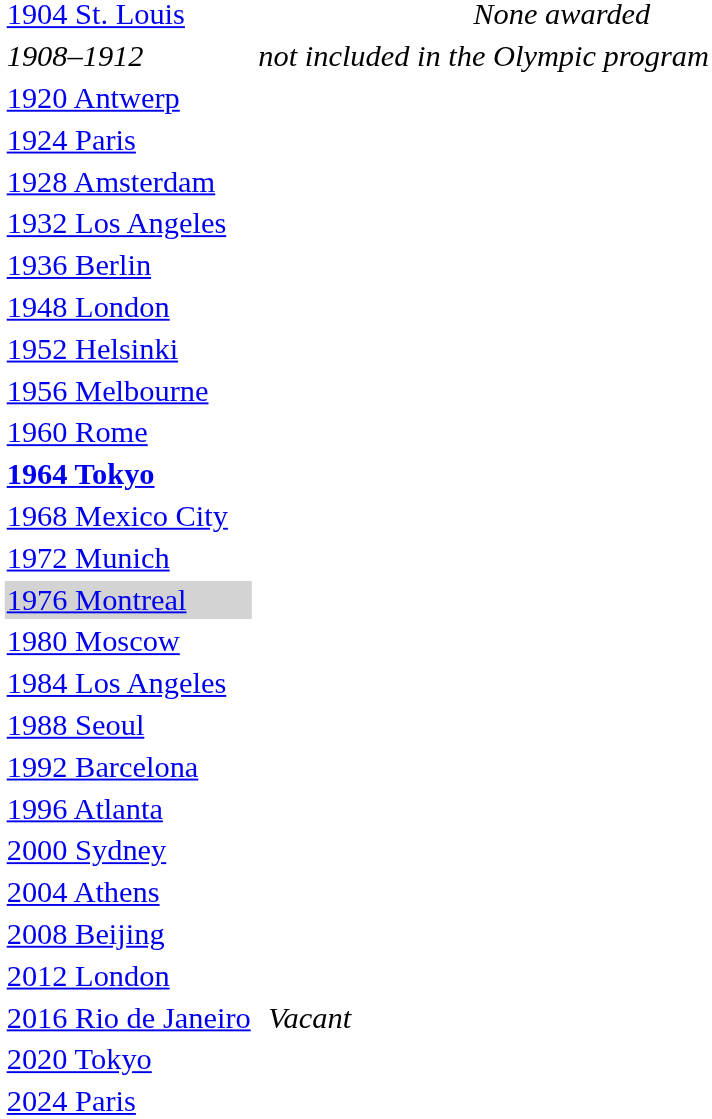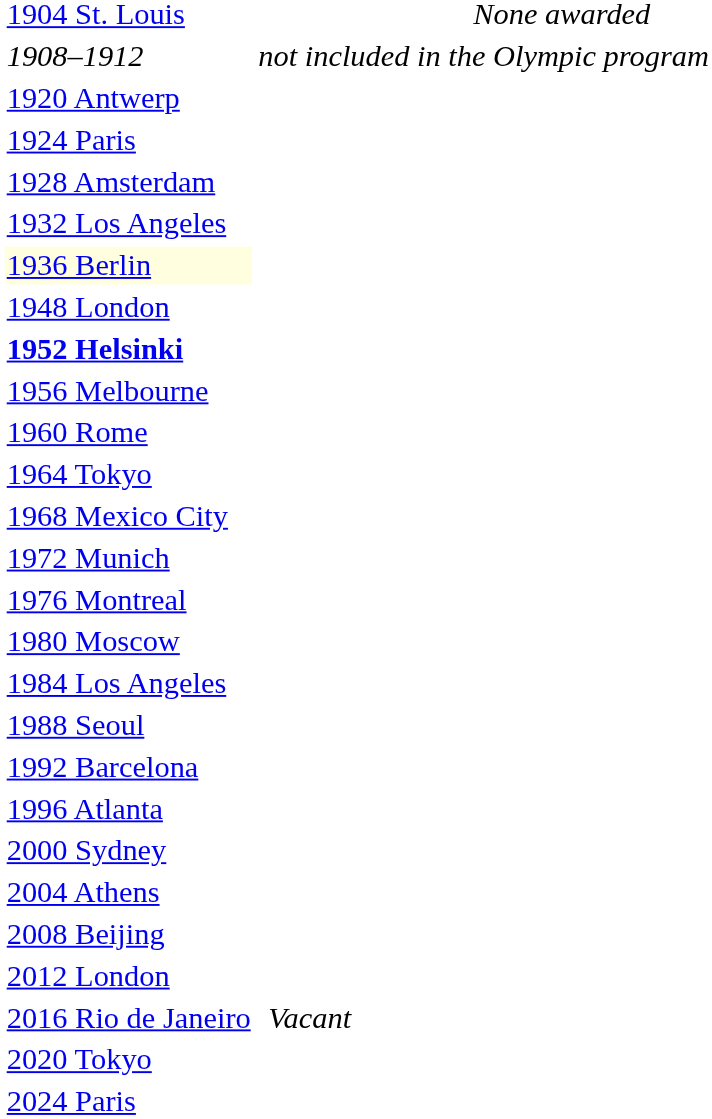 <table>
 <tr valign="top">
 <td><a href='#'>1904 St. Louis</a><br></td>
 <td></td>
 <td></td>
 <td style="text-align:center;"><em>None awarded</em></td>
 </tr>
 <tr>
 <td><em>1908–1912</em></td>
 <td colspan="3" style="text-align:center;"><em>not included in the Olympic program</em></td>
 </tr>
 <tr valign="top">
 <td><a href='#'>1920 Antwerp</a><br></td>
 <td></td>
 <td></td>
 <td></td>
 </tr>
 <tr valign="top">
 <td><a href='#'>1924 Paris</a><br></td>
 <td></td>
 <td></td>
 <td></td>
 </tr>
 <tr valign="top">
 <td><a href='#'>1928 Amsterdam</a><br></td>
 <td></td>
 <td></td>
 <td></td>
 </tr>
 <tr valign="top">
 <td><a href='#'>1932 Los Angeles</a><br></td>
 <td></td>
 <td></td>
 <td></td>
 </tr>
 <tr valign="top">
-<td><a href='#'>1936 Berlin</a><br></td>
+<td style="background: lightyellow;"><a href='#'>1936 Berlin</a><br></td>
 <td></td>
 <td></td>
 <td></td>
 </tr>
 <tr valign="top">
 <td><a href='#'>1948 London</a><br></td>
 <td></td>
 <td></td>
 <td></td>
 </tr>
 <tr valign="top">
-<td><a href='#'>1952 Helsinki</a><br></td>
+<td><strong><a href='#'>1952 Helsinki</a><br></strong></td>
 <td></td>
 <td></td>
 <td><br> </td>
 </tr>
 <tr valign="top">
 <td><a href='#'>1956 Melbourne</a><br></td>
 <td></td>
 <td></td>
 <td><br> </td>
 </tr>
 <tr valign="top">
 <td><a href='#'>1960 Rome</a><br></td>
 <td></td>
 <td></td>
 <td><br></td>
 </tr>
 <tr valign="top">
-<td><strong><a href='#'>1964 Tokyo</a><br></strong></td>
+<td><a href='#'>1964 Tokyo</a><br></td>
 <td></td>
 <td></td>
 <td><br> </td>
 </tr>
 <tr valign="top">
 <td><a href='#'>1968 Mexico City</a><br></td>
 <td></td>
 <td></td>
 <td><br></td>
 </tr>
 <tr valign="top">
 <td><a href='#'>1972 Munich</a><br></td>
 <td></td>
 <td></td>
 <td><br></td>
 </tr>
 <tr valign="top">
-<td style="background: lightgrey;"><a href='#'>1976 Montreal</a><br></td>
+<td><a href='#'>1976 Montreal</a><br></td>
 <td></td>
 <td></td>
 <td><br></td>
 </tr>
 <tr valign="top">
 <td><a href='#'>1980 Moscow</a><br></td>
 <td></td>
 <td></td>
 <td><br></td>
 </tr>
 <tr valign="top">
 <td><a href='#'>1984 Los Angeles</a><br></td>
 <td></td>
 <td></td>
 <td><br></td>
 </tr>
 <tr valign="top">
 <td><a href='#'>1988 Seoul</a><br></td>
 <td></td>
 <td></td>
 <td><br></td>
 </tr>
 <tr valign="top">
 <td><a href='#'>1992 Barcelona</a><br></td>
 <td></td>
 <td></td>
 <td><br></td>
 </tr>
 <tr valign="top">
 <td><a href='#'>1996 Atlanta</a><br></td>
 <td></td>
 <td></td>
 <td><br></td>
 </tr>
 <tr valign="top">
 <td><a href='#'>2000 Sydney</a><br></td>
 <td></td>
 <td></td>
 <td><br> </td>
 </tr>
 <tr valign="top">
 <td><a href='#'>2004 Athens</a><br></td>
 <td></td>
 <td></td>
 <td><br></td>
 </tr>
 <tr valign="top">
 <td><a href='#'>2008 Beijing</a><br></td>
 <td></td>
 <td></td>
 <td><br></td>
 </tr>
 <tr valign="top">
 <td><a href='#'>2012 London</a><br></td>
 <td></td>
 <td></td>
 <td><br></td>
 </tr>
 <tr valign="top">
 <td><a href='#'>2016 Rio de Janeiro</a><br></td>
 <td></td>
 <td><em>Vacant</em></td>
 <td><br></td>
 </tr>
 <tr valign="top">
 <td><a href='#'>2020 Tokyo</a><br></td>
 <td></td>
 <td></td>
 <td><br></td>
 </tr>
 <tr valign="top">
 <td><a href='#'>2024 Paris</a><br></td>
 <td></td>
 <td></td>
 <td><br></td>
 </tr>
 </table>
